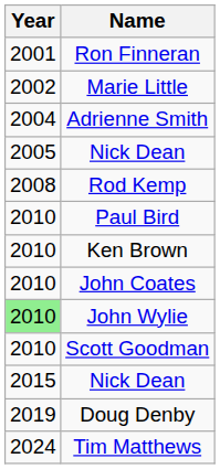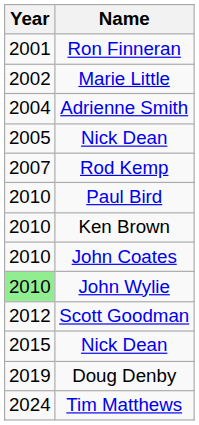 <table class="wikitable" style="text-align:center">
 <tr>
 <th>Year</th>
 <th>Name</th>
 </tr>
 <tr align="center">
 <td>2001</td>
 <td><a href='#'>Ron Finneran</a></td>
 </tr>
 <tr align="center">
 <td>2002</td>
 <td><a href='#'>Marie Little</a></td>
 </tr>
 <tr align="center">
 <td>2004</td>
 <td><a href='#'>Adrienne Smith</a></td>
 </tr>
 <tr align="center">
 <td>2005</td>
 <td><a href='#'>Nick Dean</a></td>
 </tr>
 <tr align="center">
-<td>2008</td>
+<td>2007</td>
 <td><a href='#'>Rod Kemp</a></td>
 </tr>
 <tr align="center">
 <td>2010</td>
 <td><a href='#'>Paul Bird</a></td>
 </tr>
 <tr align="center">
 <td>2010</td>
 <td>Ken Brown</td>
 </tr>
 <tr align="center">
 <td>2010</td>
 <td><a href='#'>John Coates</a></td>
 </tr>
 <tr align="center">
 <td style="background: lightgreen;">2010</td>
 <td><a href='#'>John Wylie</a></td>
 </tr>
 <tr align="center">
-<td>2010</td>
+<td>2012</td>
 <td><a href='#'>Scott Goodman</a></td>
 </tr>
 <tr align="center">
 <td>2015</td>
 <td><a href='#'>Nick Dean</a></td>
 </tr>
 <tr align="center">
 <td>2019</td>
 <td>Doug Denby</td>
 </tr>
 <tr>
 <td>2024</td>
 <td><a href='#'>Tim Matthews</a></td>
 </tr>
 </table>
